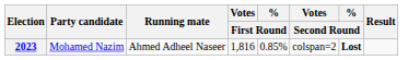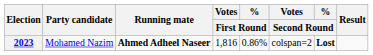 <table class=wikitable style=text-align:center>
 <tr>
 <th rowspan="2"><strong>Election</strong></th>
 <th rowspan="2"><strong>Party candidate</strong></th>
 <th rowspan="2"><strong>Running mate</strong></th>
 <th><strong>Votes</strong></th>
 <th><strong>%</strong></th>
 <th><strong>Votes</strong></th>
 <th><strong>%</strong></th>
 <th rowspan="2"><strong>Result</strong></th>
 </tr>
 <tr>
 <th colspan="2">First Round</th>
 <th colspan="2">Second Round</th>
 </tr>
 <tr>
 <th><a href='#'>2023</a></th>
 <td><a href='#'>Mohamed Nazim</a></td>
-<td>Ahmed Adheel Naseer</td>
+<td><strong>Ahmed Adheel Naseer</strong></td>
 <td>1,816</td>
-<td>0.85%</td>
+<td>0.86%</td>
 <td>colspan=2 </td>
 <td><strong>Lost</strong> </td>
 </tr>
 </table>
